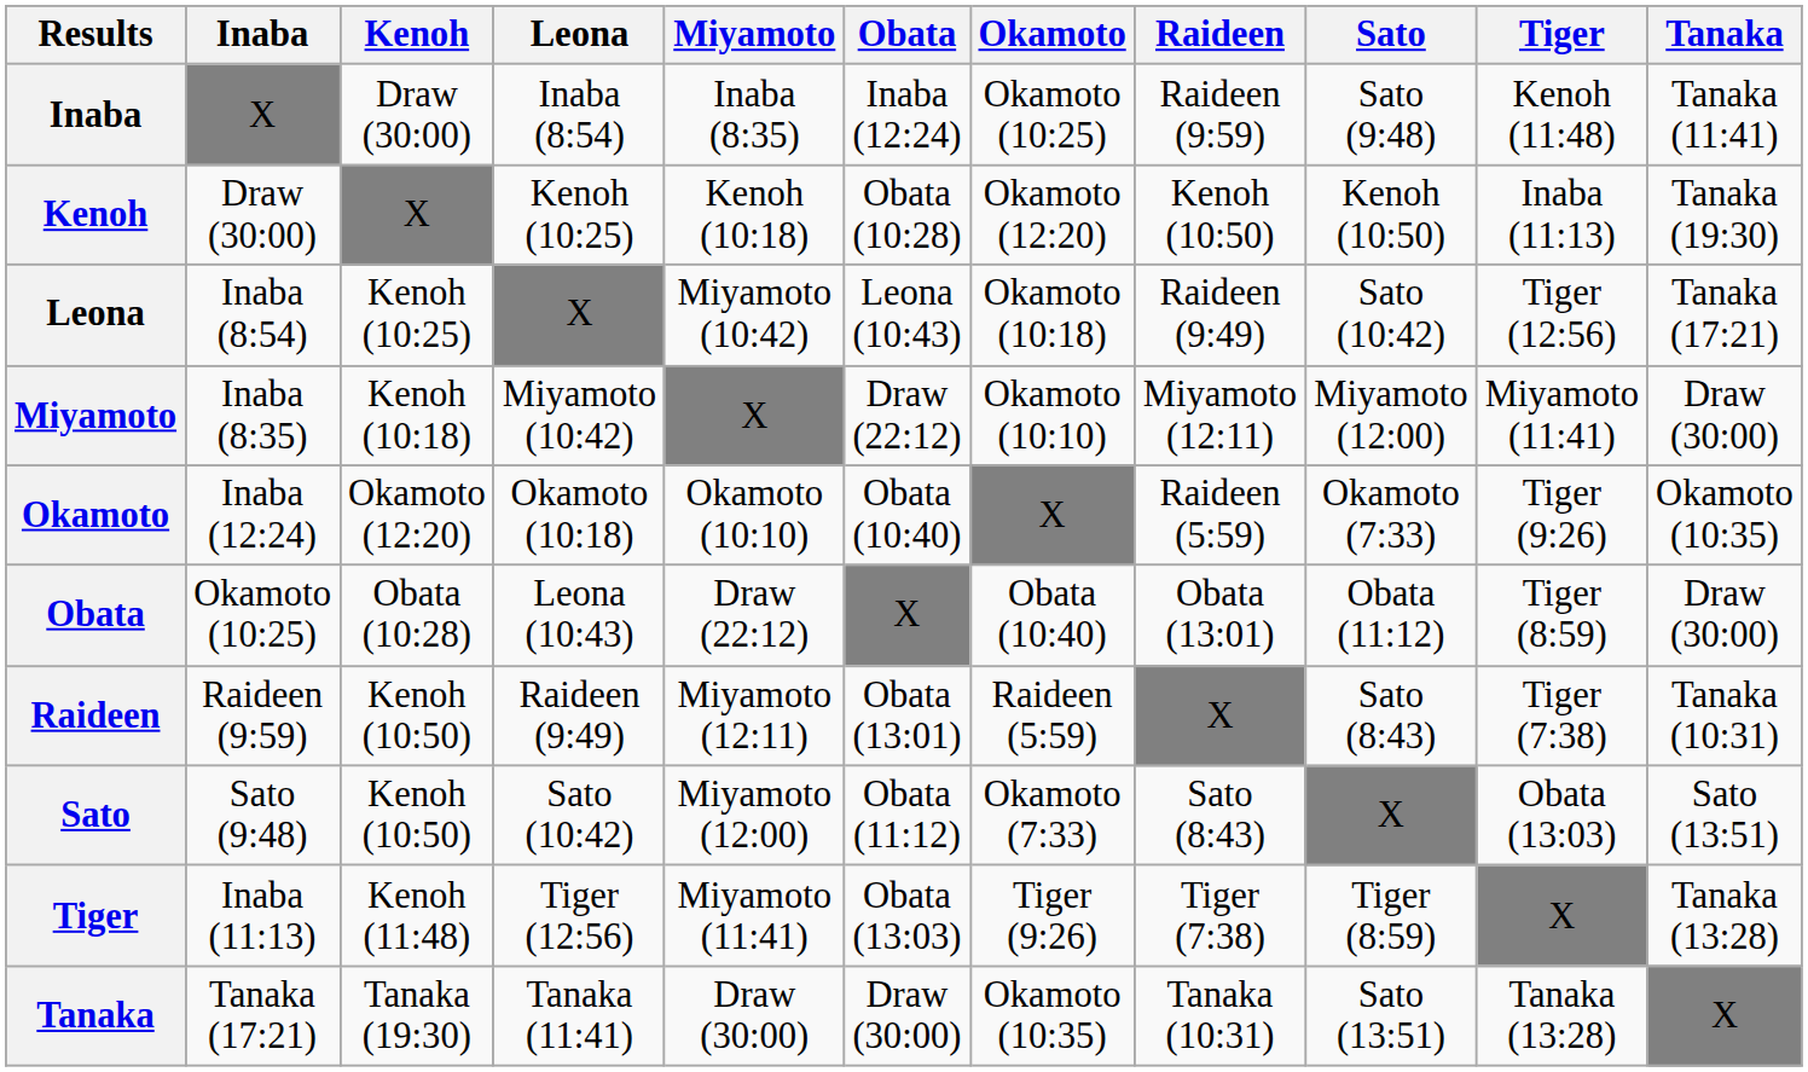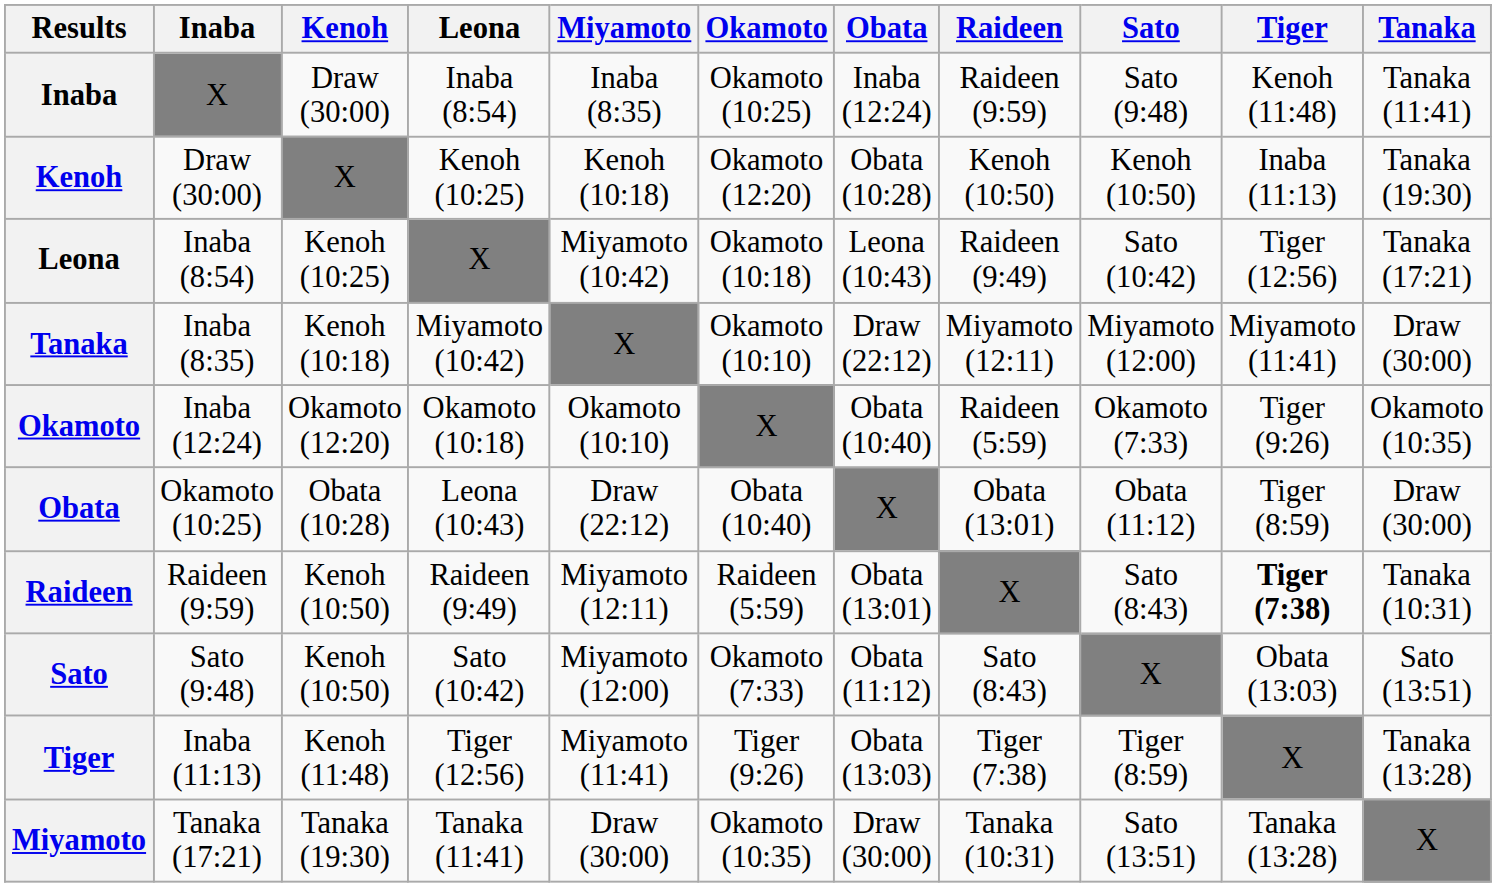 <table class="wikitable" style="text-align:center; margin: 1em auto 1em auto" width=85%>
 <tr>
 <th>Results</th>
 <th>Inaba</th>
 <th><a href='#'>Kenoh</a></th>
 <th>Leona</th>
 <th><a href='#'>Miyamoto</a></th>
+<th><a href='#'>Okamoto</a></th>
 <th><a href='#'>Obata</a></th>
-<th><a href='#'>Okamoto</a></th>
 <th><a href='#'>Raideen</a></th>
 <th><a href='#'>Sato</a></th>
 <th><a href='#'>Tiger</a></th>
 <th><a href='#'>Tanaka</a></th>
 </tr>
 <tr>
 <th>Inaba</th>
 <td bgcolor=grey>X</td>
 <td>Draw<br>(30:00)</td>
 <td>Inaba<br>(8:54)</td>
 <td>Inaba<br>(8:35)</td>
+<td>Okamoto<br>(10:25)</td>
 <td>Inaba<br>(12:24)</td>
-<td>Okamoto<br>(10:25)</td>
 <td>Raideen<br>(9:59)</td>
 <td>Sato<br>(9:48)</td>
 <td>Kenoh<br>(11:48)</td>
 <td>Tanaka<br>(11:41)</td>
 </tr>
 <tr>
 <th><a href='#'>Kenoh</a></th>
 <td>Draw<br>(30:00)</td>
 <td bgcolor=grey>X</td>
 <td>Kenoh<br>(10:25)</td>
 <td>Kenoh<br>(10:18)</td>
+<td>Okamoto<br>(12:20)</td>
 <td>Obata<br>(10:28)</td>
-<td>Okamoto<br>(12:20)</td>
 <td>Kenoh<br>(10:50)</td>
 <td>Kenoh<br>(10:50)</td>
 <td>Inaba<br>(11:13)</td>
 <td>Tanaka<br>(19:30)</td>
 </tr>
 <tr>
 <th>Leona</th>
 <td>Inaba<br>(8:54)</td>
 <td>Kenoh<br>(10:25)</td>
 <td bgcolor=grey>X</td>
 <td>Miyamoto<br>(10:42)</td>
+<td>Okamoto<br>(10:18)</td>
 <td>Leona<br>(10:43)</td>
-<td>Okamoto<br>(10:18)</td>
 <td>Raideen<br>(9:49)</td>
 <td>Sato<br>(10:42)</td>
 <td>Tiger<br>(12:56)</td>
 <td>Tanaka<br>(17:21)</td>
 </tr>
 <tr>
-<th><a href='#'>Miyamoto</a></th>
+<th><a href='#'>Tanaka</a></th>
 <td>Inaba<br>(8:35)</td>
 <td>Kenoh<br>(10:18)</td>
 <td>Miyamoto<br>(10:42)</td>
 <td bgcolor=grey>X</td>
+<td>Okamoto<br>(10:10)</td>
 <td>Draw<br>(22:12)</td>
-<td>Okamoto<br>(10:10)</td>
 <td>Miyamoto<br>(12:11)</td>
 <td>Miyamoto<br>(12:00)</td>
 <td>Miyamoto<br>(11:41)</td>
 <td>Draw<br>(30:00)</td>
 </tr>
 <tr>
 <th><a href='#'>Okamoto</a></th>
 <td>Inaba<br>(12:24)</td>
 <td>Okamoto<br>(12:20)</td>
 <td>Okamoto<br>(10:18)</td>
 <td>Okamoto<br>(10:10)</td>
+<td bgcolor=grey>X</td>
 <td>Obata<br>(10:40)</td>
-<td bgcolor=grey>X</td>
 <td>Raideen<br>(5:59)</td>
 <td>Okamoto<br>(7:33)</td>
 <td>Tiger<br>(9:26)</td>
 <td>Okamoto<br>(10:35)</td>
 </tr>
 <tr>
 <th><a href='#'>Obata</a></th>
 <td>Okamoto<br>(10:25)</td>
 <td>Obata<br>(10:28)</td>
 <td>Leona<br>(10:43)</td>
 <td>Draw<br>(22:12)</td>
+<td>Obata<br>(10:40)</td>
 <td bgcolor=grey>X</td>
-<td>Obata<br>(10:40)</td>
 <td>Obata<br>(13:01)</td>
 <td>Obata<br>(11:12)</td>
 <td>Tiger<br>(8:59)</td>
 <td>Draw<br>(30:00)</td>
 </tr>
 <tr>
 <th><a href='#'>Raideen</a></th>
 <td>Raideen<br>(9:59)</td>
 <td>Kenoh<br>(10:50)</td>
 <td>Raideen<br>(9:49)</td>
 <td>Miyamoto<br>(12:11)</td>
+<td>Raideen<br>(5:59)</td>
 <td>Obata<br>(13:01)</td>
-<td>Raideen<br>(5:59)</td>
 <td bgcolor=grey>X</td>
 <td>Sato<br>(8:43)</td>
-<td>Tiger<br>(7:38)</td>
+<td><strong>Tiger<br>(7:38)</strong></td>
 <td>Tanaka<br>(10:31)</td>
 </tr>
 <tr>
 <th><a href='#'>Sato</a></th>
 <td>Sato<br>(9:48)</td>
 <td>Kenoh<br>(10:50)</td>
 <td>Sato<br>(10:42)</td>
 <td>Miyamoto<br>(12:00)</td>
+<td>Okamoto<br>(7:33)</td>
 <td>Obata<br>(11:12)</td>
-<td>Okamoto<br>(7:33)</td>
 <td>Sato<br>(8:43)</td>
 <td bgcolor=grey>X</td>
 <td>Obata<br>(13:03)</td>
 <td>Sato<br>(13:51)</td>
 </tr>
 <tr>
 <th><a href='#'>Tiger</a></th>
 <td>Inaba<br>(11:13)</td>
 <td>Kenoh<br>(11:48)</td>
 <td>Tiger<br>(12:56)</td>
 <td>Miyamoto<br>(11:41)</td>
+<td>Tiger<br>(9:26)</td>
 <td>Obata<br>(13:03)</td>
-<td>Tiger<br>(9:26)</td>
 <td>Tiger<br>(7:38)</td>
 <td>Tiger<br>(8:59)</td>
 <td bgcolor=grey>X</td>
 <td>Tanaka<br>(13:28)</td>
 </tr>
 <tr>
-<th><a href='#'>Tanaka</a></th>
+<th><a href='#'>Miyamoto</a></th>
 <td>Tanaka<br>(17:21)</td>
 <td>Tanaka<br>(19:30)</td>
 <td>Tanaka<br>(11:41)</td>
 <td>Draw<br>(30:00)</td>
+<td>Okamoto<br>(10:35)</td>
 <td>Draw<br>(30:00)</td>
-<td>Okamoto<br>(10:35)</td>
 <td>Tanaka<br>(10:31)</td>
 <td>Sato<br>(13:51)</td>
 <td>Tanaka<br>(13:28)</td>
 <td bgcolor=grey>X</td>
 </tr>
 </table>
